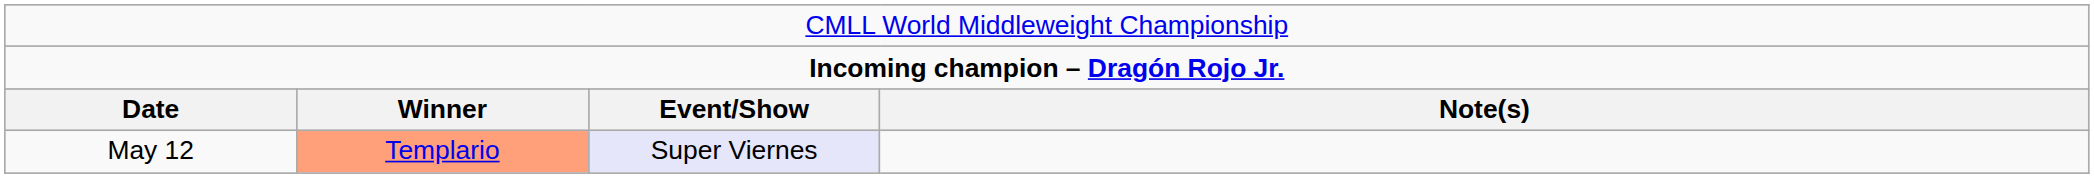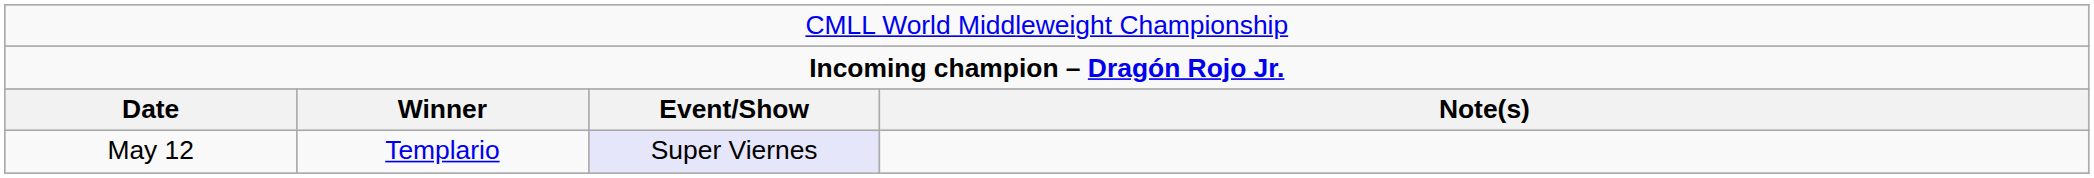 <table class="wikitable" style="text-align:center; width:100%;">
 <tr>
 <td colspan="5" style="text-align: center;"><a href='#'>CMLL World Middleweight Championship</a></td>
 </tr>
 <tr>
 <td colspan="5" style="text-align: center;"><strong>Incoming champion – <a href='#'>Dragón Rojo Jr.</a></strong></td>
 </tr>
 <tr>
 <th width=14%>Date</th>
 <th width=14%>Winner</th>
 <th width=14%>Event/Show</th>
 <th width=58%>Note(s)</th>
 </tr>
 <tr>
 <td>May 12</td>
-<td style="background: lightsalmon;"><a href='#'>Templario</a></td>
+<td><a href='#'>Templario</a></td>
 <td style="background: lavender;">Super Viernes</td>
 <td></td>
 </tr>
 </table>
